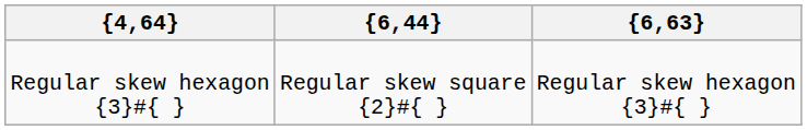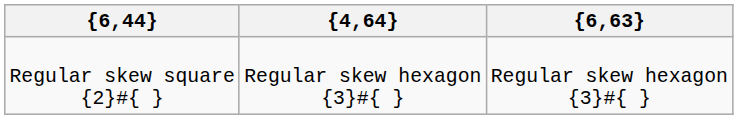 <table class=wikitable style="text-align:center;">
 <tr>
+<th>{6,44}</th>
 <th>{4,64}</th>
-<th>{6,44}</th>
 <th>{6,63}</th>
 </tr>
 <tr valign=top>
+<td><br>Regular skew square<br>{2}#{ }</td>
 <td><br>Regular skew hexagon<br>{3}#{ }</td>
-<td><br>Regular skew square<br>{2}#{ }</td>
 <td><br>Regular skew hexagon<br>{3}#{ }</td>
 </tr>
 </table>
